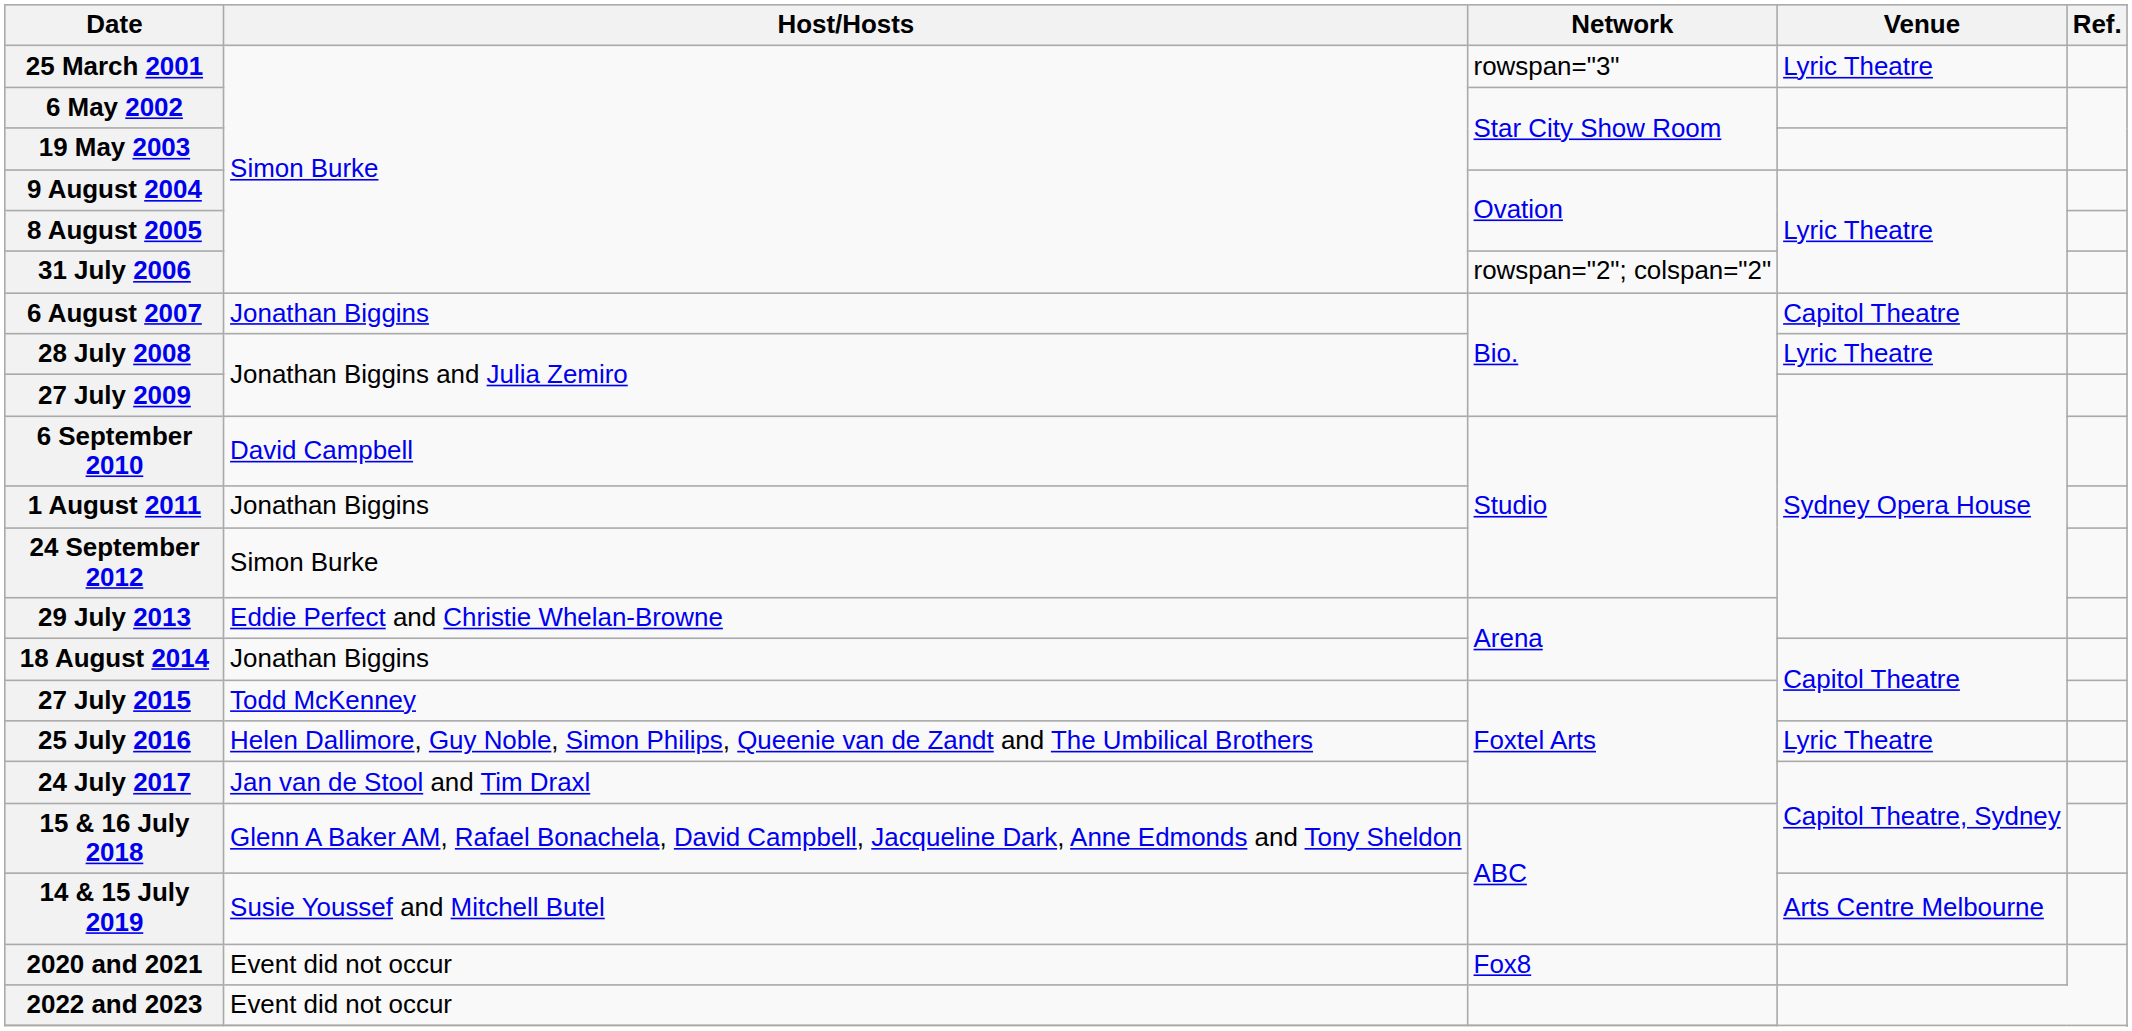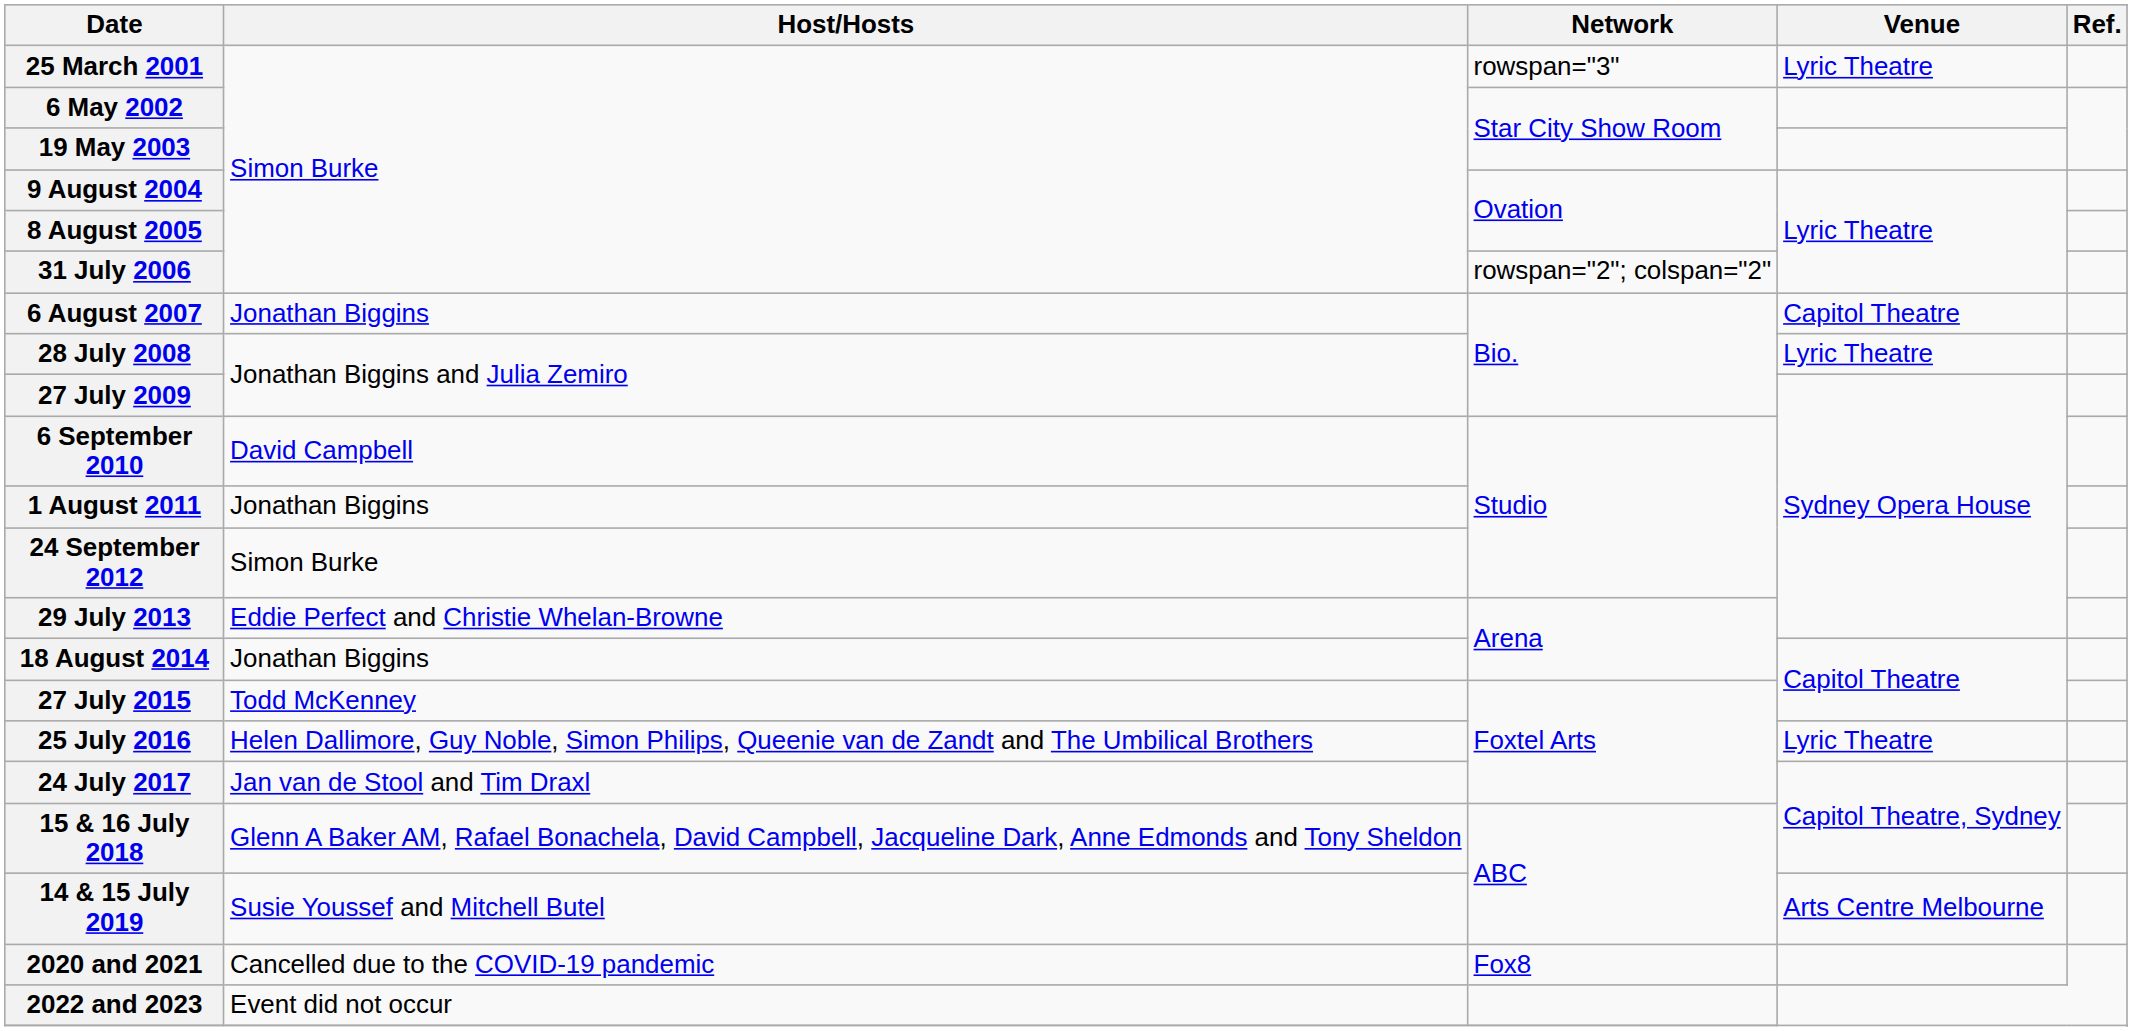 <table class="wikitable sortable">
 <tr>
 <th scope="col" style="width:8em;">Date</th>
 <th scope="col" class="unsortable">Host/Hosts</th>
 <th scope="col">Network</th>
 <th scope="col">Venue</th>
 <th scope="col" class="unsortable">Ref.</th>
 </tr>
 <tr>
 <th scope="row">25 March <a href='#'>2001</a></th>
 <td rowspan="6"><a href='#'>Simon Burke</a></td>
 <td>rowspan="3" </td>
 <td><a href='#'>Lyric Theatre</a></td>
 <td></td>
 </tr>
 <tr>
 <th scope="row">6 May <a href='#'>2002</a></th>
 <td rowspan="2"><a href='#'>Star City Show Room</a></td>
 <td></td>
 </tr>
 <tr>
 <th scope="row">19 May <a href='#'>2003</a></th>
 <td></td>
 </tr>
 <tr>
 <th scope="row">9 August <a href='#'>2004</a></th>
 <td rowspan="2"><a href='#'>Ovation</a></td>
 <td rowspan="3"><a href='#'>Lyric Theatre</a></td>
 <td></td>
 </tr>
 <tr>
 <th scope="row">8 August <a href='#'>2005</a></th>
 <td></td>
 </tr>
 <tr>
 <th scope="row">31 July <a href='#'>2006</a></th>
 <td>rowspan="2"; colspan="2" </td>
 <td></td>
 </tr>
 <tr>
 <th scope="row">6 August <a href='#'>2007</a></th>
 <td><a href='#'>Jonathan Biggins</a></td>
 <td rowspan="3"><a href='#'>Bio.</a></td>
 <td><a href='#'>Capitol Theatre</a></td>
 <td></td>
 </tr>
 <tr>
 <th scope="row">28 July <a href='#'>2008</a></th>
 <td rowspan="2">Jonathan Biggins and <a href='#'>Julia Zemiro</a></td>
 <td><a href='#'>Lyric Theatre</a></td>
 <td></td>
 </tr>
 <tr>
 <th scope="row">27 July <a href='#'>2009</a></th>
 <td rowspan="5"><a href='#'>Sydney Opera House</a></td>
 <td></td>
 </tr>
 <tr>
 <th scope="row">6 September <a href='#'>2010</a></th>
 <td><a href='#'>David Campbell</a></td>
 <td rowspan="3"><a href='#'>Studio</a></td>
 <td></td>
 </tr>
 <tr>
 <th scope="row">1 August <a href='#'>2011</a></th>
 <td>Jonathan Biggins</td>
 <td></td>
 </tr>
 <tr>
 <th scope="row">24 September <a href='#'>2012</a></th>
 <td>Simon Burke</td>
 <td></td>
 </tr>
 <tr>
 <th scope="row">29 July <a href='#'>2013</a></th>
 <td><a href='#'>Eddie Perfect</a> and <a href='#'>Christie Whelan-Browne</a></td>
 <td rowspan="2"><a href='#'>Arena</a></td>
 <td></td>
 </tr>
 <tr>
 <th scope="row">18 August <a href='#'>2014</a></th>
 <td>Jonathan Biggins</td>
 <td rowspan="2"><a href='#'>Capitol Theatre</a></td>
 <td></td>
 </tr>
 <tr>
 <th scope="row">27 July <a href='#'>2015</a></th>
 <td><a href='#'>Todd McKenney</a></td>
 <td rowspan="3"><a href='#'>Foxtel Arts</a></td>
 <td></td>
 </tr>
 <tr>
 <th scope="row">25 July <a href='#'>2016</a></th>
 <td><a href='#'>Helen Dallimore</a>, <a href='#'>Guy Noble</a>, <a href='#'>Simon Philips</a>, <a href='#'>Queenie van de Zandt</a> and <a href='#'>The Umbilical Brothers</a></td>
 <td><a href='#'>Lyric Theatre</a></td>
 <td></td>
 </tr>
 <tr>
 <th scope="row">24 July <a href='#'>2017</a></th>
 <td><a href='#'>Jan van de Stool</a> and <a href='#'>Tim Draxl</a></td>
 <td rowspan="2"><a href='#'>Capitol Theatre, Sydney</a></td>
 <td></td>
 </tr>
 <tr>
 <th>15 & 16 July <a href='#'>2018</a></th>
 <td><a href='#'>Glenn A Baker AM</a>, <a href='#'>Rafael Bonachela</a>, <a href='#'>David Campbell</a>, <a href='#'>Jacqueline Dark</a>, <a href='#'>Anne Edmonds</a> and <a href='#'>Tony Sheldon</a></td>
 <td rowspan="2"><a href='#'>ABC</a></td>
 <td></td>
 </tr>
 <tr>
 <th>14 & 15 July <a href='#'>2019</a></th>
 <td><a href='#'>Susie Youssef</a> and <a href='#'>Mitchell Butel</a></td>
 <td><a href='#'>Arts Centre Melbourne</a></td>
 <td></td>
 </tr>
 <tr>
 <th>2020 and 2021</th>
-<td>Event did not occur</td>
+<td>Cancelled due to the <a href='#'>COVID-19 pandemic</a></td>
 <td><a href='#'>Fox8</a></td>
 <td></td>
 </tr>
 <tr>
 <th>2022 and 2023</th>
 <td>Event did not occur</td>
 <td></td>
 </tr>
 <tr>
 </tr>
 </table>
